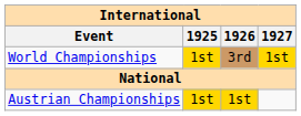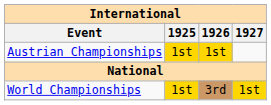 <table class="wikitable" style="text-align:center">
 <tr>
 <th style="background-color: #ffdead; " colspan=4 align=center>International</th>
 </tr>
 <tr>
 <th>Event</th>
 <th>1925</th>
 <th>1926</th>
 <th>1927</th>
 </tr>
 <tr>
+<td align=left><a href='#'>Austrian Championships</a></td>
+<td bgcolor=gold>1st</td>
+<td bgcolor=gold>1st</td>
+<td></td>
+</tr>
+<tr>
+<th style="background-color: #ffdead; " colspan=4 align=center>National</th>
+</tr>
+<tr>
 <td align=left><a href='#'>World Championships</a></td>
 <td bgcolor=gold>1st</td>
 <td bgcolor=cc9966>3rd</td>
 <td bgcolor=gold>1st</td>
 </tr>
-<tr>
-<th style="background-color: #ffdead; " colspan=4 align=center>National</th>
-</tr>
-<tr>
-<td align=left><a href='#'>Austrian Championships</a></td>
-<td bgcolor=gold>1st</td>
-<td bgcolor=gold>1st</td>
-<td></td>
-</tr>
 </table>
